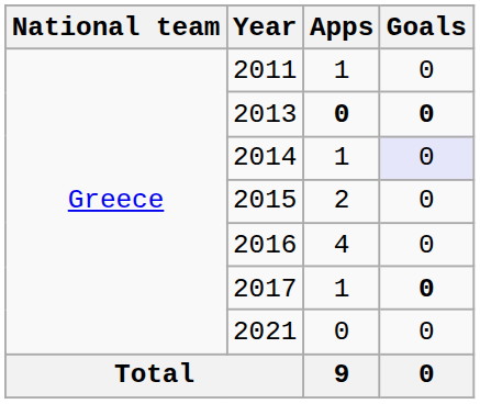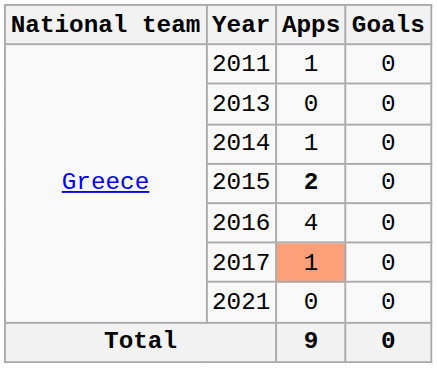 <table class="wikitable" style="text-align:center">
 <tr>
 <th>National team</th>
 <th>Year</th>
 <th>Apps</th>
 <th>Goals</th>
 </tr>
 <tr>
 <td rowspan="7"><a href='#'>Greece</a></td>
 <td>2011</td>
 <td>1</td>
 <td>0</td>
 </tr>
 <tr>
 <td>2013</td>
-<td><strong>0</strong></td>
-<td><strong>0</strong></td>
+<td>0</td>
+<td>0</td>
 </tr>
 <tr>
 <td>2014</td>
 <td>1</td>
-<td style="background: lavender;">0</td>
+<td>0</td>
 </tr>
 <tr>
 <td>2015</td>
-<td>2</td>
+<td><strong>2</strong></td>
 <td>0</td>
 </tr>
 <tr>
 <td>2016</td>
 <td>4</td>
 <td>0</td>
 </tr>
 <tr>
 <td>2017</td>
-<td>1</td>
-<td><strong>0</strong></td>
+<td style="background: lightsalmon;">1</td>
+<td>0</td>
 </tr>
 <tr>
 <td>2021</td>
 <td>0</td>
 <td>0</td>
 </tr>
 <tr>
 <th colspan="2">Total</th>
 <th>9</th>
 <th>0</th>
 </tr>
 </table>
